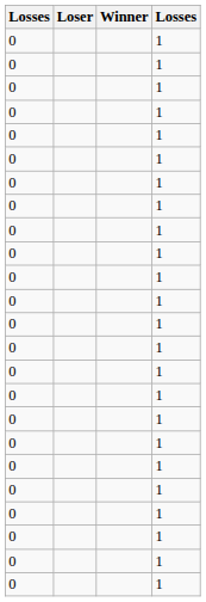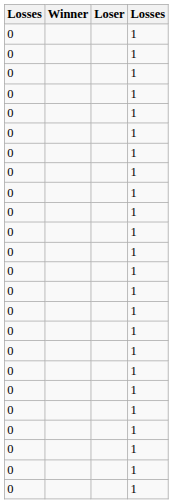 <table class=wikitable>
 <tr>
 <th>Losses</th>
+<th>Winner</th>
 <th>Loser</th>
-<th>Winner</th>
 <th>Losses</th>
 </tr>
 <tr>
 <td>0</td>
 <td></td>
 <td></td>
 <td>1</td>
 </tr>
 <tr>
 <td>0</td>
 <td></td>
 <td></td>
 <td>1</td>
 </tr>
 <tr>
 <td>0</td>
 <td></td>
 <td></td>
 <td>1</td>
 </tr>
 <tr>
 <td>0</td>
 <td></td>
 <td></td>
 <td>1</td>
 </tr>
 <tr>
 <td>0</td>
 <td></td>
 <td></td>
 <td>1</td>
 </tr>
 <tr>
 <td>0</td>
 <td></td>
 <td></td>
 <td>1</td>
 </tr>
 <tr>
 <td>0</td>
 <td></td>
 <td></td>
 <td>1</td>
 </tr>
 <tr>
 <td>0</td>
 <td></td>
 <td></td>
 <td>1</td>
 </tr>
 <tr>
 <td>0</td>
 <td></td>
 <td></td>
 <td>1</td>
 </tr>
 <tr>
 <td>0</td>
 <td></td>
 <td></td>
 <td>1</td>
 </tr>
 <tr>
 <td>0</td>
 <td></td>
 <td></td>
 <td>1</td>
 </tr>
 <tr>
 <td>0</td>
 <td></td>
 <td></td>
 <td>1</td>
 </tr>
 <tr>
 <td>0</td>
 <td></td>
 <td></td>
 <td>1</td>
 </tr>
 <tr>
 <td>0</td>
 <td></td>
 <td></td>
 <td>1</td>
 </tr>
 <tr>
 <td>0</td>
 <td></td>
 <td></td>
 <td>1</td>
 </tr>
 <tr>
 <td>0</td>
 <td></td>
 <td></td>
 <td>1</td>
 </tr>
 <tr>
 <td>0</td>
 <td></td>
 <td></td>
 <td>1</td>
 </tr>
 <tr>
 <td>0</td>
 <td></td>
 <td></td>
 <td>1</td>
 </tr>
 <tr>
 <td>0</td>
 <td></td>
 <td></td>
 <td>1</td>
 </tr>
 <tr>
 <td>0</td>
 <td></td>
 <td></td>
 <td>1</td>
 </tr>
 <tr>
 <td>0</td>
 <td></td>
 <td></td>
 <td>1</td>
 </tr>
 <tr>
 <td>0</td>
 <td></td>
 <td></td>
 <td>1</td>
 </tr>
 <tr>
 <td>0</td>
 <td></td>
 <td></td>
 <td>1</td>
 </tr>
 <tr>
 <td>0</td>
 <td></td>
 <td></td>
 <td>1</td>
 </tr>
 </table>
